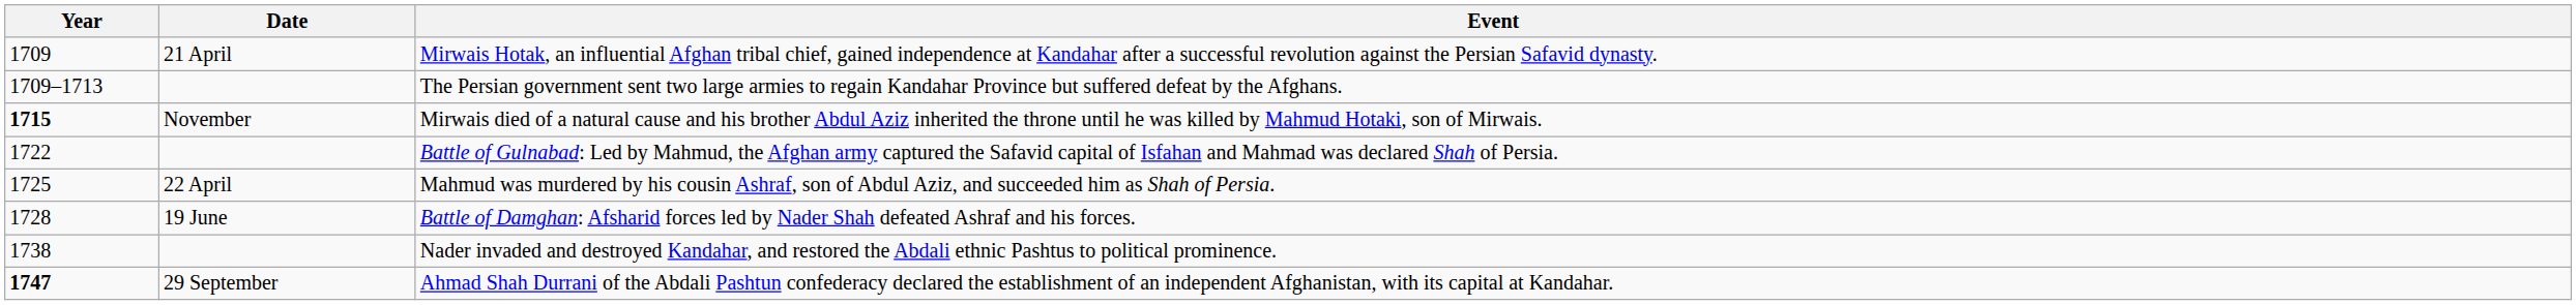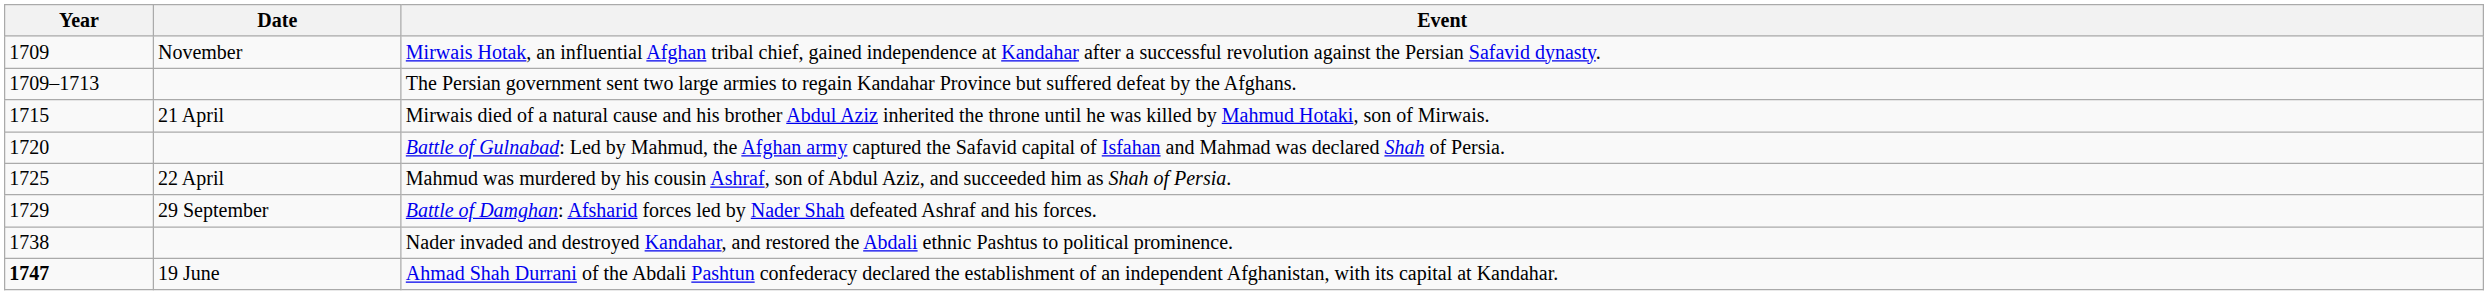 <table class="wikitable" width="100%">
 <tr>
 <th style="width:6%">Year</th>
 <th style="width:10%">Date</th>
 <th>Event</th>
 </tr>
 <tr>
 <td>1709</td>
-<td>21 April</td>
+<td>November</td>
 <td><a href='#'>Mirwais Hotak</a>, an influential <a href='#'>Afghan</a> tribal chief, gained independence at <a href='#'>Kandahar</a> after a successful revolution against the Persian <a href='#'>Safavid dynasty</a>.</td>
 </tr>
 <tr>
 <td>1709–1713</td>
 <td></td>
 <td>The Persian government sent two large armies to regain Kandahar Province but suffered defeat by the Afghans.</td>
 </tr>
 <tr>
-<td><strong>1715</strong></td>
-<td>November</td>
+<td>1715</td>
+<td>21 April</td>
 <td>Mirwais died of a natural cause and his brother <a href='#'>Abdul Aziz</a> inherited the throne until he was killed by <a href='#'>Mahmud Hotaki</a>, son of Mirwais.</td>
 </tr>
 <tr>
-<td>1722</td>
+<td>1720</td>
 <td></td>
 <td><em><a href='#'>Battle of Gulnabad</a></em>: Led by Mahmud, the <a href='#'>Afghan army</a> captured the Safavid capital of <a href='#'>Isfahan</a> and Mahmad was declared <em><a href='#'>Shah</a></em> of Persia.</td>
 </tr>
 <tr>
 <td>1725</td>
 <td>22 April</td>
 <td>Mahmud was murdered by his cousin <a href='#'>Ashraf</a>, son of Abdul Aziz, and succeeded him as <em>Shah of Persia</em>.</td>
 </tr>
 <tr>
-<td>1728</td>
-<td>19 June</td>
+<td>1729</td>
+<td>29 September</td>
 <td><em><a href='#'>Battle of Damghan</a></em>: <a href='#'>Afsharid</a> forces led by <a href='#'>Nader Shah</a> defeated Ashraf and his forces.</td>
 </tr>
 <tr>
 <td>1738</td>
 <td></td>
 <td>Nader invaded and destroyed <a href='#'>Kandahar</a>, and restored the <a href='#'>Abdali</a> ethnic Pashtus to political prominence.</td>
 </tr>
 <tr>
 <td><strong>1747</strong></td>
-<td>29 September</td>
+<td>19 June</td>
 <td><a href='#'>Ahmad Shah Durrani</a> of the Abdali <a href='#'>Pashtun</a> confederacy declared the establishment of an independent Afghanistan, with its capital at Kandahar.</td>
 </tr>
 </table>
